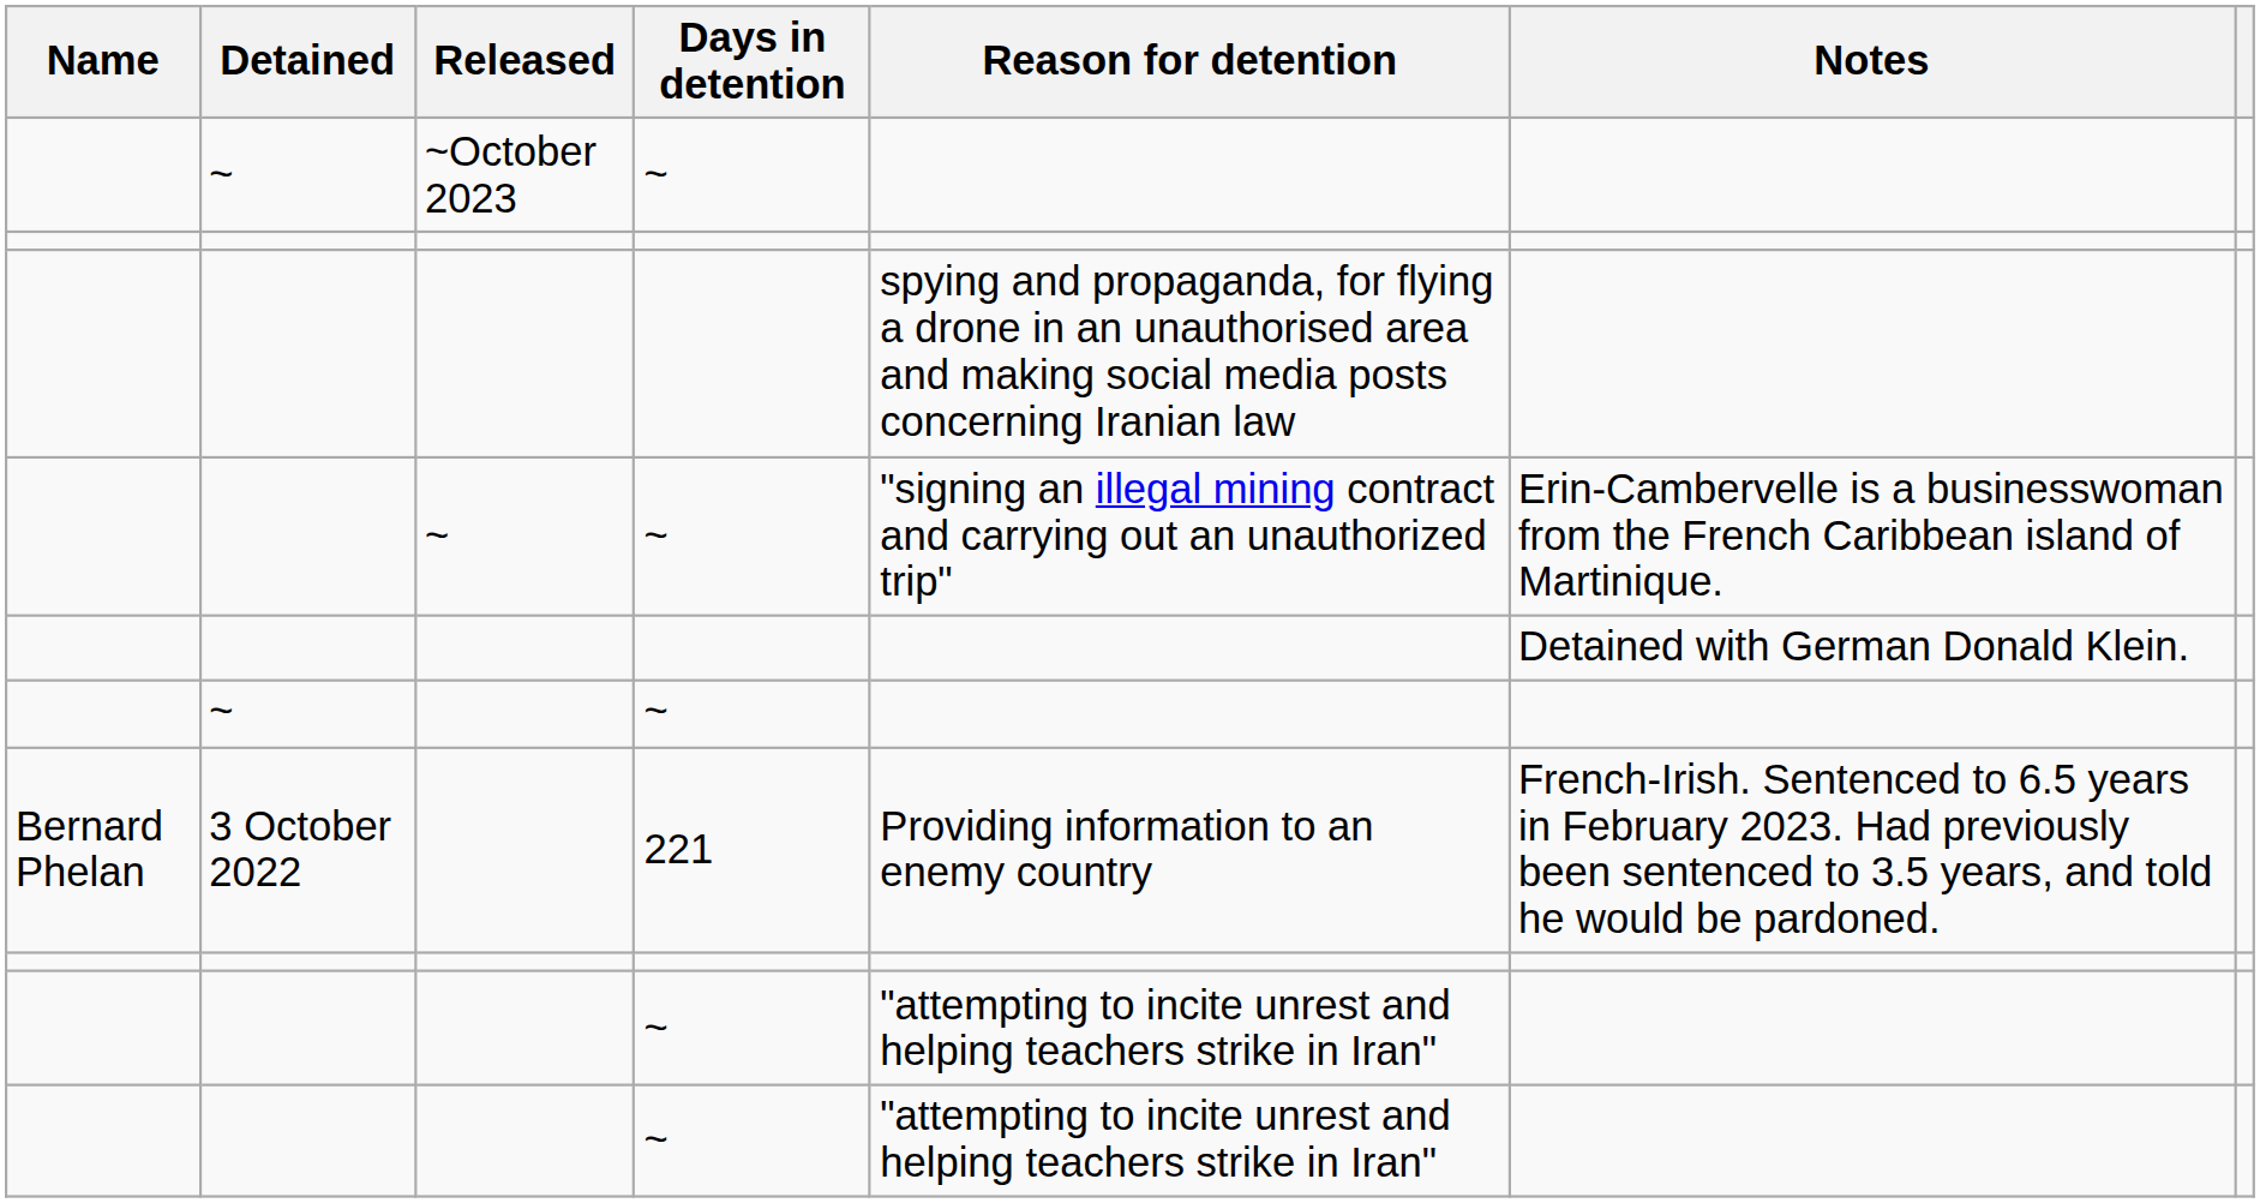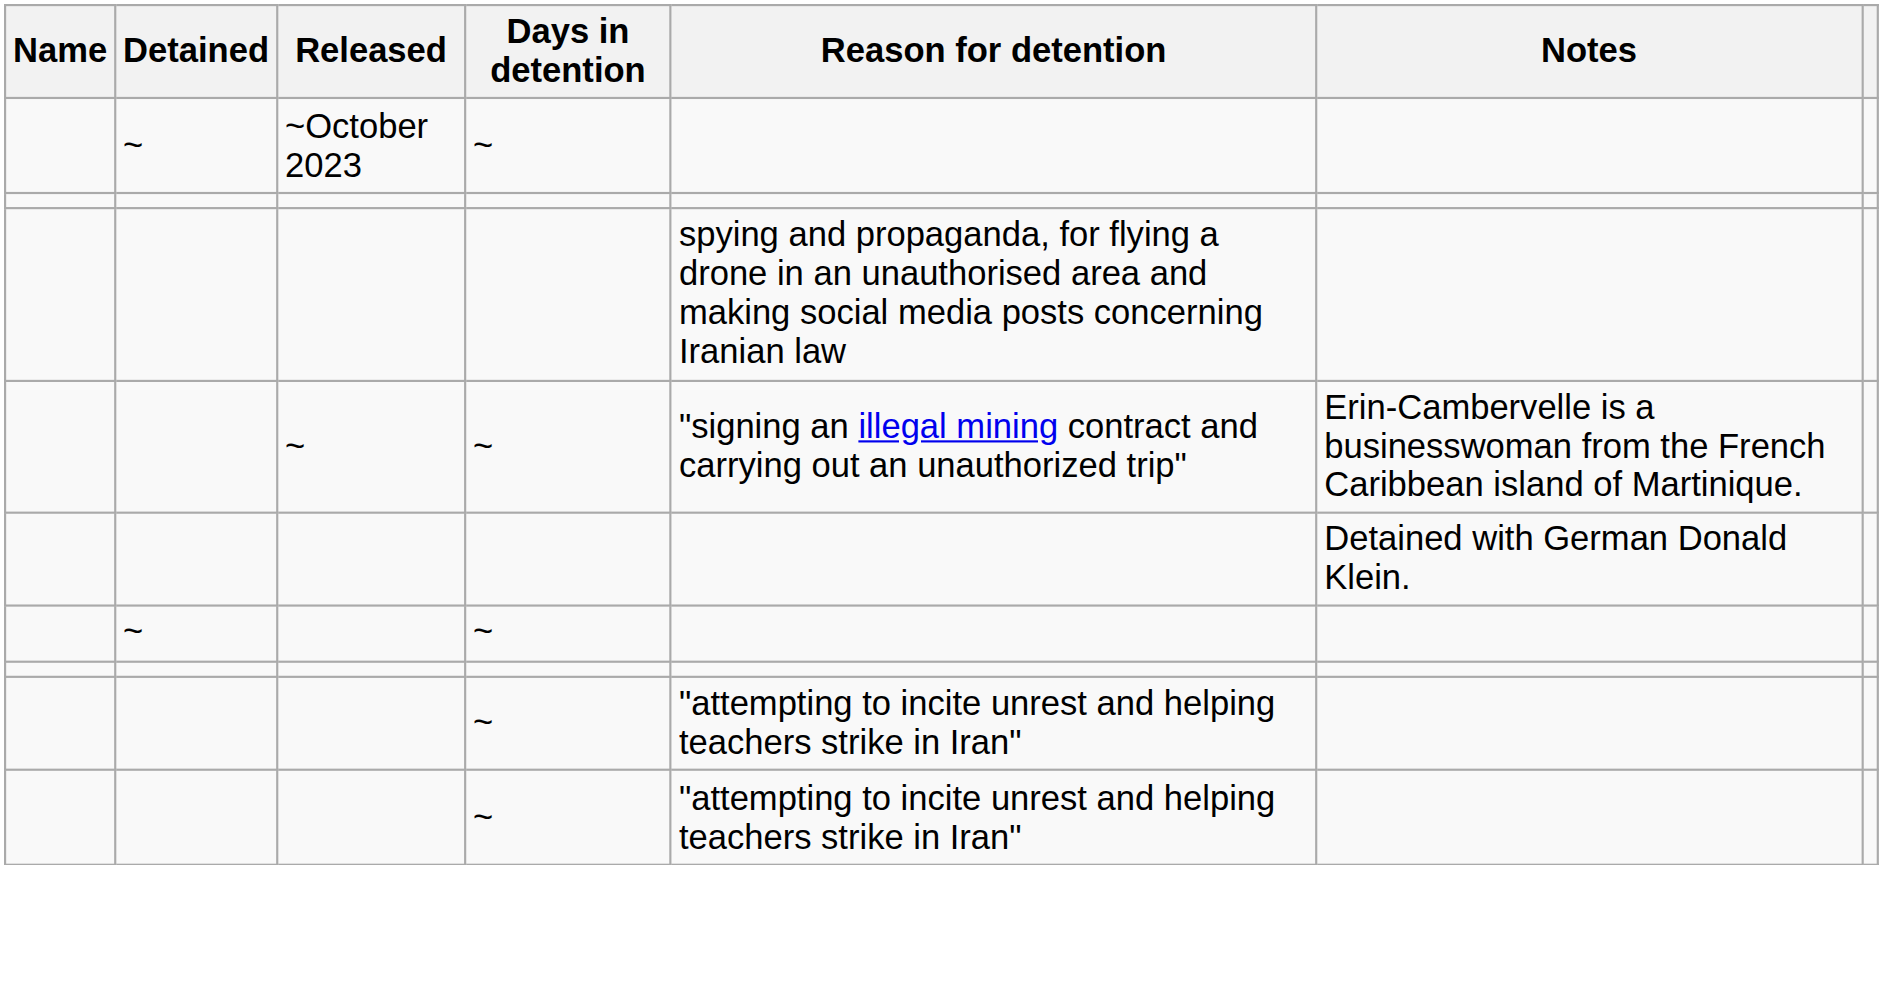 <table class="wikitable sortable">
 <tr>
 <th>Name</th>
 <th>Detained</th>
 <th>Released</th>
 <th>Days in detention</th>
 <th>Reason for detention</th>
 <th>Notes</th>
 <th class="unsortable"></th>
 </tr>
 <tr>
 <td></td>
 <td>~</td>
 <td>~October 2023</td>
 <td>~</td>
 <td></td>
 <td align="center"></td>
 <td></td>
 </tr>
 <tr>
 <td></td>
 <td></td>
 <td></td>
 <td></td>
 <td></td>
 <td></td>
 <td align="center"></td>
 </tr>
 <tr>
 <td></td>
 <td></td>
 <td></td>
 <td></td>
 <td>spying and propaganda, for flying a drone in an unauthorised area and making social media posts concerning Iranian law</td>
 <td></td>
 <td align="center"></td>
 </tr>
 <tr>
 <td></td>
 <td></td>
 <td>~</td>
 <td>~</td>
 <td>"signing an <a href='#'>illegal mining</a> contract and carrying out an unauthorized trip"</td>
 <td>Erin-Cambervelle is a businesswoman from the French Caribbean island of Martinique.</td>
 <td align="center"></td>
 </tr>
 <tr>
 <td></td>
 <td></td>
 <td></td>
 <td></td>
 <td></td>
 <td>Detained with German Donald Klein.</td>
 <td align="center"></td>
 </tr>
 <tr>
 <td></td>
 <td>~</td>
 <td></td>
 <td>~</td>
 <td></td>
 <td></td>
 <td align="center"></td>
 </tr>
 <tr>
-<td>Bernard Phelan</td>
-<td>3 October 2022</td>
-<td></td>
-<td>221</td>
-<td>Providing information to an enemy country</td>
-<td>French-Irish. Sentenced to 6.5 years in February 2023. Had previously been sentenced to 3.5 years, and told he would be pardoned.</td>
-<td></td>
-</tr>
-<tr>
 <td></td>
 <td></td>
 <td></td>
 <td></td>
 <td></td>
 <td></td>
 <td align="center"></td>
 </tr>
 <tr>
 <td></td>
 <td></td>
 <td></td>
 <td>~</td>
 <td>"attempting to incite unrest and helping teachers strike in Iran"</td>
 <td></td>
 <td></td>
 </tr>
 <tr>
 <td></td>
 <td></td>
 <td></td>
 <td>~</td>
 <td>"attempting to incite unrest and helping teachers strike in Iran"</td>
 <td></td>
 <td></td>
 </tr>
 </table>
